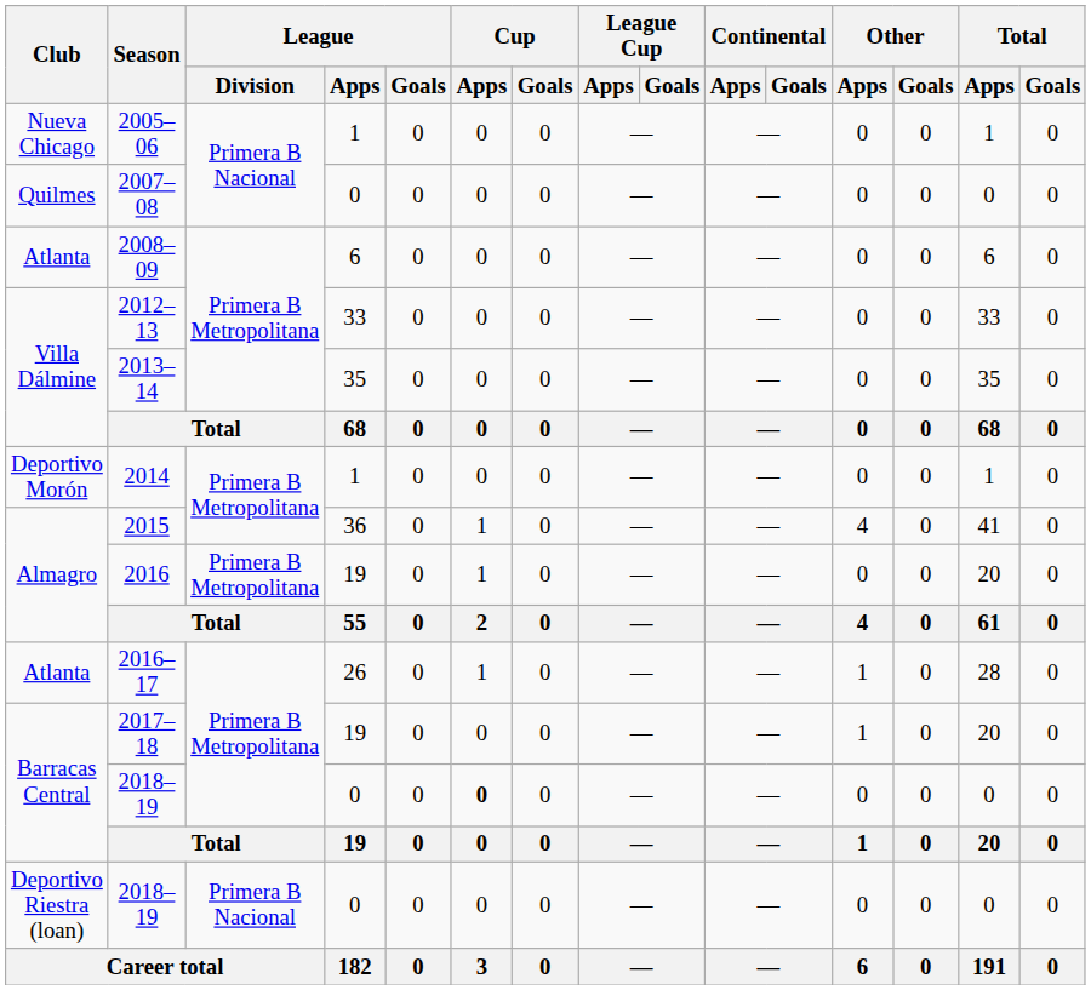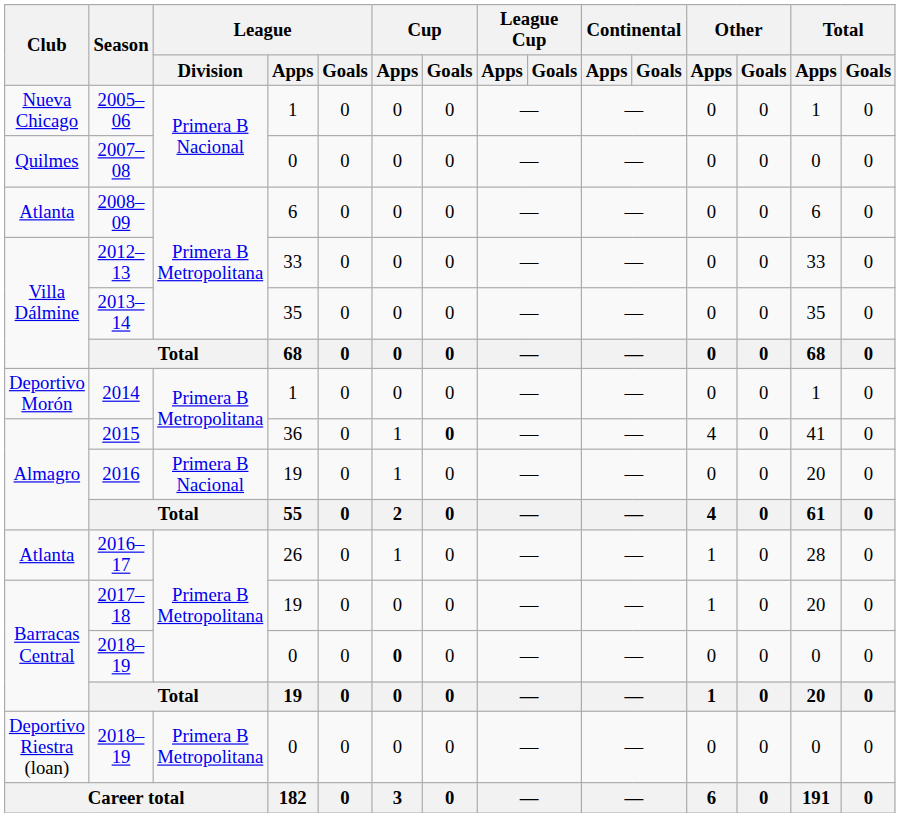 <table class="wikitable" style="text-align:center">
 <tr>
 <th rowspan="2">Club</th>
 <th rowspan="2">Season</th>
 <th colspan="3">League</th>
 <th colspan="2">Cup</th>
 <th colspan="2">League Cup</th>
 <th colspan="2">Continental</th>
 <th colspan="2">Other</th>
 <th colspan="2">Total</th>
 </tr>
 <tr>
 <th>Division</th>
 <th>Apps</th>
 <th>Goals</th>
 <th>Apps</th>
 <th>Goals</th>
 <th>Apps</th>
 <th>Goals</th>
 <th>Apps</th>
 <th>Goals</th>
 <th>Apps</th>
 <th>Goals</th>
 <th>Apps</th>
 <th>Goals</th>
 </tr>
 <tr>
 <td rowspan="1"><a href='#'>Nueva Chicago</a></td>
 <td><a href='#'>2005–06</a></td>
 <td rowspan="2"><a href='#'>Primera B Nacional</a></td>
 <td>1</td>
 <td>0</td>
 <td>0</td>
 <td>0</td>
 <td colspan="2">—</td>
 <td colspan="2">—</td>
 <td>0</td>
 <td>0</td>
 <td>1</td>
 <td>0</td>
 </tr>
 <tr>
 <td rowspan="1"><a href='#'>Quilmes</a></td>
 <td><a href='#'>2007–08</a></td>
 <td>0</td>
 <td>0</td>
 <td>0</td>
 <td>0</td>
 <td colspan="2">—</td>
 <td colspan="2">—</td>
 <td>0</td>
 <td>0</td>
 <td>0</td>
 <td>0</td>
 </tr>
 <tr>
 <td rowspan="1"><a href='#'>Atlanta</a></td>
 <td><a href='#'>2008–09</a></td>
 <td rowspan="3"><a href='#'>Primera B Metropolitana</a></td>
 <td>6</td>
 <td>0</td>
 <td>0</td>
 <td>0</td>
 <td colspan="2">—</td>
 <td colspan="2">—</td>
 <td>0</td>
 <td>0</td>
 <td>6</td>
 <td>0</td>
 </tr>
 <tr>
 <td rowspan="3"><a href='#'>Villa Dálmine</a></td>
 <td><a href='#'>2012–13</a></td>
 <td>33</td>
 <td>0</td>
 <td>0</td>
 <td>0</td>
 <td colspan="2">—</td>
 <td colspan="2">—</td>
 <td>0</td>
 <td>0</td>
 <td>33</td>
 <td>0</td>
 </tr>
 <tr>
 <td><a href='#'>2013–14</a></td>
 <td>35</td>
 <td>0</td>
 <td>0</td>
 <td>0</td>
 <td colspan="2">—</td>
 <td colspan="2">—</td>
 <td>0</td>
 <td>0</td>
 <td>35</td>
 <td>0</td>
 </tr>
 <tr>
 <th colspan="2">Total</th>
 <th>68</th>
 <th>0</th>
 <th>0</th>
 <th>0</th>
 <th colspan="2">—</th>
 <th colspan="2">—</th>
 <th>0</th>
 <th>0</th>
 <th>68</th>
 <th>0</th>
 </tr>
 <tr>
 <td rowspan="1"><a href='#'>Deportivo Morón</a></td>
 <td><a href='#'>2014</a></td>
 <td rowspan="2"><a href='#'>Primera B Metropolitana</a></td>
 <td>1</td>
 <td>0</td>
 <td>0</td>
 <td>0</td>
 <td colspan="2">—</td>
 <td colspan="2">—</td>
 <td>0</td>
 <td>0</td>
 <td>1</td>
 <td>0</td>
 </tr>
 <tr>
 <td rowspan="3"><a href='#'>Almagro</a></td>
 <td><a href='#'>2015</a></td>
 <td>36</td>
 <td>0</td>
 <td>1</td>
-<td>0</td>
+<td><strong>0</strong></td>
 <td colspan="2">—</td>
 <td colspan="2">—</td>
 <td>4</td>
 <td>0</td>
 <td>41</td>
 <td>0</td>
 </tr>
 <tr>
 <td><a href='#'>2016</a></td>
-<td rowspan="1"><a href='#'>Primera B Metropolitana</a></td>
+<td rowspan="1"><a href='#'>Primera B Nacional</a></td>
 <td>19</td>
 <td>0</td>
 <td>1</td>
 <td>0</td>
 <td colspan="2">—</td>
 <td colspan="2">—</td>
 <td>0</td>
 <td>0</td>
 <td>20</td>
 <td>0</td>
 </tr>
 <tr>
 <th colspan="2">Total</th>
 <th>55</th>
 <th>0</th>
 <th>2</th>
 <th>0</th>
 <th colspan="2">—</th>
 <th colspan="2">—</th>
 <th>4</th>
 <th>0</th>
 <th>61</th>
 <th>0</th>
 </tr>
 <tr>
 <td rowspan="1"><a href='#'>Atlanta</a></td>
 <td><a href='#'>2016–17</a></td>
 <td rowspan="3"><a href='#'>Primera B Metropolitana</a></td>
 <td>26</td>
 <td>0</td>
 <td>1</td>
 <td>0</td>
 <td colspan="2">—</td>
 <td colspan="2">—</td>
 <td>1</td>
 <td>0</td>
 <td>28</td>
 <td>0</td>
 </tr>
 <tr>
 <td rowspan="3"><a href='#'>Barracas Central</a></td>
 <td><a href='#'>2017–18</a></td>
 <td>19</td>
 <td>0</td>
 <td>0</td>
 <td>0</td>
 <td colspan="2">—</td>
 <td colspan="2">—</td>
 <td>1</td>
 <td>0</td>
 <td>20</td>
 <td>0</td>
 </tr>
 <tr>
 <td><a href='#'>2018–19</a></td>
 <td>0</td>
 <td>0</td>
 <td><strong>0</strong></td>
 <td>0</td>
 <td colspan="2">—</td>
 <td colspan="2">—</td>
 <td>0</td>
 <td>0</td>
 <td>0</td>
 <td>0</td>
 </tr>
 <tr>
 <th colspan="2">Total</th>
 <th>19</th>
 <th>0</th>
 <th>0</th>
 <th>0</th>
 <th colspan="2">—</th>
 <th colspan="2">—</th>
 <th>1</th>
 <th>0</th>
 <th>20</th>
 <th>0</th>
 </tr>
 <tr>
 <td rowspan="1"><a href='#'>Deportivo Riestra</a> (loan)</td>
 <td><a href='#'>2018–19</a></td>
-<td rowspan="1"><a href='#'>Primera B Nacional</a></td>
+<td rowspan="1"><a href='#'>Primera B Metropolitana</a></td>
 <td>0</td>
 <td>0</td>
 <td>0</td>
 <td>0</td>
 <td colspan="2">—</td>
 <td colspan="2">—</td>
 <td>0</td>
 <td>0</td>
 <td>0</td>
 <td>0</td>
 </tr>
 <tr>
 <th colspan="3">Career total</th>
 <th>182</th>
 <th>0</th>
 <th>3</th>
 <th>0</th>
 <th colspan="2">—</th>
 <th colspan="2">—</th>
 <th>6</th>
 <th>0</th>
 <th>191</th>
 <th>0</th>
 </tr>
 </table>
